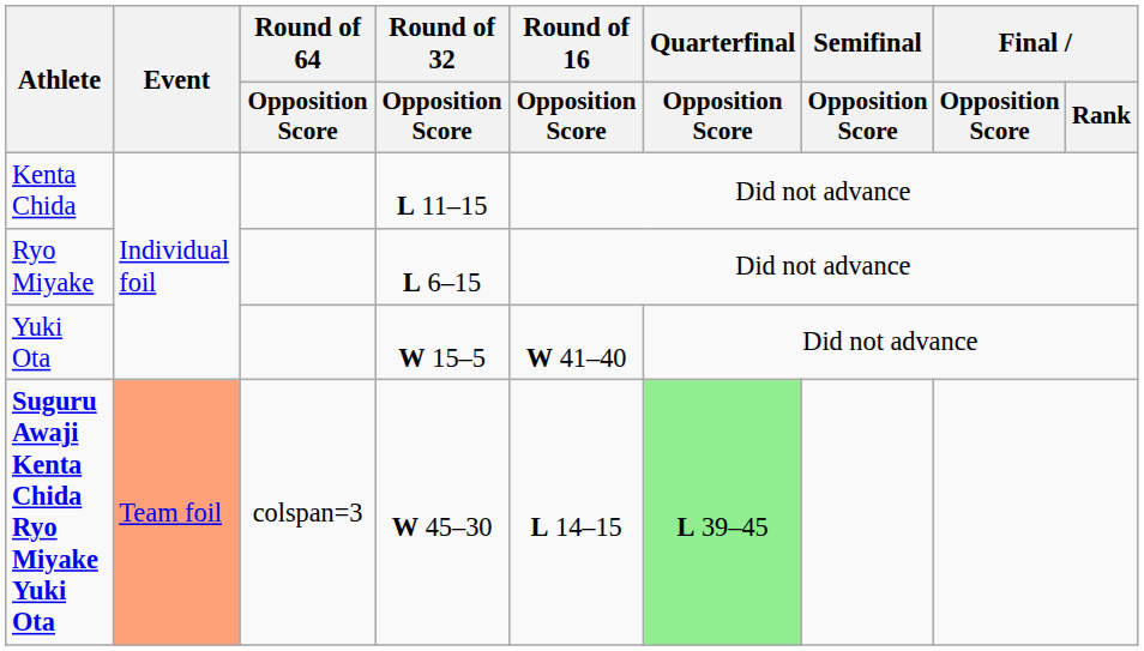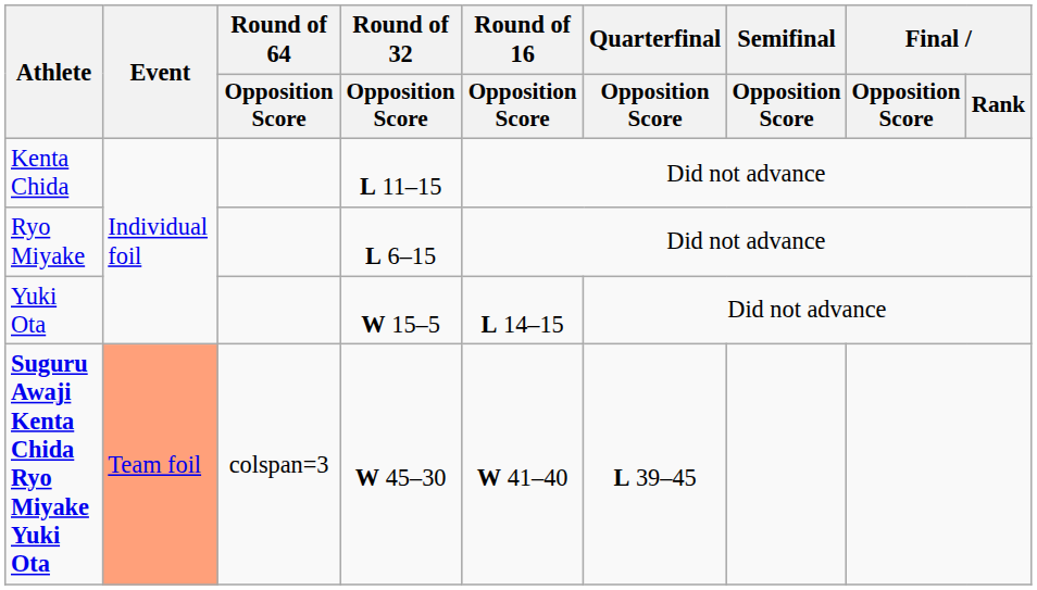 <table class="wikitable" style="font-size:90%">
 <tr>
 <th rowspan="2">Athlete</th>
 <th rowspan="2">Event</th>
 <th>Round of 64</th>
 <th>Round of 32</th>
 <th>Round of 16</th>
 <th>Quarterfinal</th>
 <th>Semifinal</th>
 <th colspan=2>Final / </th>
 </tr>
 <tr style="font-size:95%">
 <th>Opposition <br> Score</th>
 <th>Opposition <br> Score</th>
 <th>Opposition <br> Score</th>
 <th>Opposition <br> Score</th>
 <th>Opposition <br> Score</th>
 <th>Opposition <br> Score</th>
 <th>Rank</th>
 </tr>
 <tr align=center>
 <td align=left><a href='#'>Kenta Chida</a></td>
 <td align=left rowspan=3><a href='#'>Individual foil</a></td>
 <td></td>
 <td><br><strong>L</strong> 11–15</td>
 <td colspan=5>Did not advance</td>
 </tr>
 <tr align=center>
 <td align=left><a href='#'>Ryo Miyake</a></td>
 <td></td>
 <td><br><strong>L</strong> 6–15</td>
 <td colspan=5>Did not advance</td>
 </tr>
 <tr align=center>
 <td align=left><a href='#'>Yuki Ota</a></td>
 <td></td>
 <td><br><strong>W</strong> 15–5</td>
-<td><br><strong>W</strong> 41–40</td>
+<td><br><strong>L</strong> 14–15</td>
 <td colspan=4>Did not advance</td>
 </tr>
 <tr align=center>
 <td align=left><strong><a href='#'>Suguru Awaji</a><br><a href='#'>Kenta Chida</a><br><a href='#'>Ryo Miyake</a><br><a href='#'>Yuki Ota</a></strong></td>
 <td align=left style="background: lightsalmon;"><a href='#'>Team foil</a></td>
 <td>colspan=3 </td>
 <td><br><strong>W</strong> 45–30</td>
-<td><br><strong>L</strong> 14–15</td>
-<td style="background: lightgreen;"><br><strong>L</strong> 39–45</td>
+<td><br><strong>W</strong> 41–40</td>
+<td><br><strong>L</strong> 39–45</td>
 <td></td>
 </tr>
 </table>
